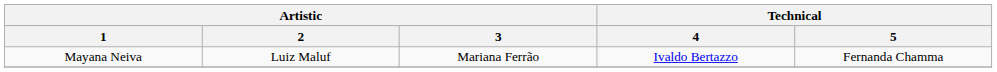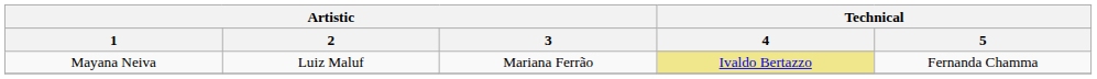 <table class="wikitable" style="font-size:90%; line-height:16px; text-align:center" width="85%">
 <tr>
 <th colspan=3>Artistic</th>
 <th colspan=2>Technical</th>
 </tr>
 <tr>
 <th>1</th>
 <th>2</th>
 <th>3</th>
 <th>4</th>
 <th>5</th>
 </tr>
 <tr>
 <td width=150>Mayana Neiva</td>
 <td width=150>Luiz Maluf</td>
 <td width=150>Mariana Ferrão</td>
-<td width=150><a href='#'>Ivaldo Bertazzo</a></td>
+<td width=150 style="background: khaki;"><a href='#'>Ivaldo Bertazzo</a></td>
 <td width=150>Fernanda Chamma</td>
 </tr>
 <tr>
 </tr>
 </table>
